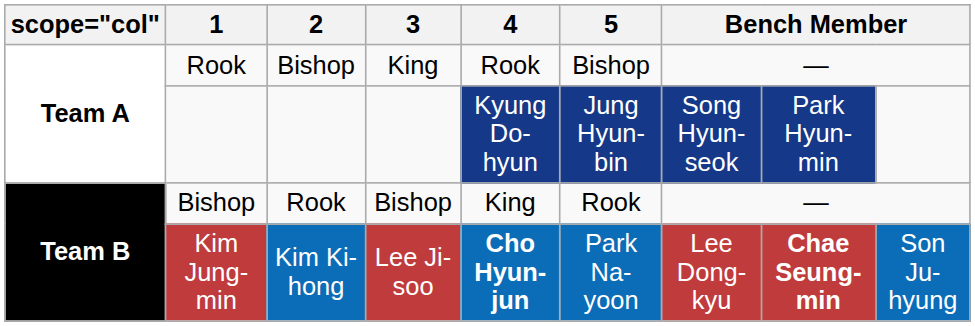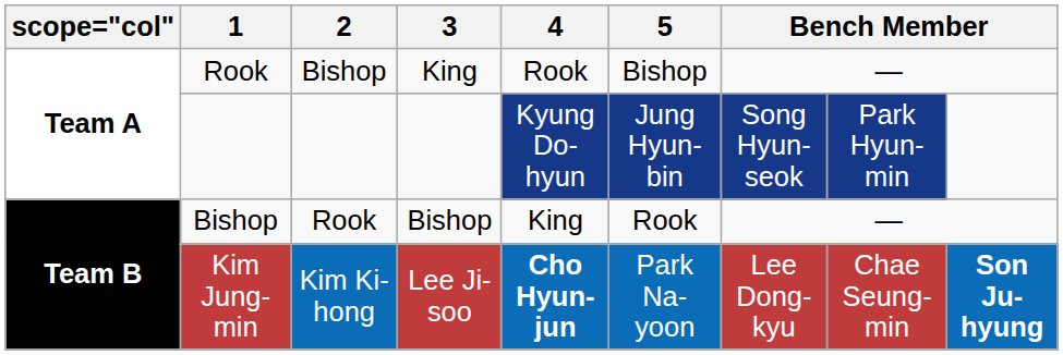 <table class="wikitable" style="text-align:center">
 <tr>
 <th>scope="col" </th>
 <th scope="col">1</th>
 <th scope="col">2</th>
 <th scope="col">3</th>
 <th scope="col">4</th>
 <th scope="col">5</th>
 <th scope="col" colspan="3">Bench Member</th>
 </tr>
 <tr>
 <th rowspan="2" style="background-color:white">Team A</th>
 <td>Rook</td>
 <td>Bishop</td>
 <td>King</td>
 <td>Rook</td>
 <td>Bishop</td>
 <td colspan="3">—</td>
 </tr>
 <tr>
 <td> </td>
 <td> </td>
 <td> </td>
 <td style="background-color:#153888; color:white">Kyung Do-hyun</td>
 <td style="background-color:#153888; color:white">Jung Hyun-bin</td>
 <td style="background-color:#153888; color:white">Song Hyun-seok</td>
 <td style="background-color:#153888; color:white">Park Hyun-min</td>
 <td> </td>
 </tr>
 <tr>
 <th rowspan="2" style="background-color:black; color:white">Team B</th>
 <td>Bishop</td>
 <td>Rook</td>
 <td>Bishop</td>
 <td>King</td>
 <td>Rook</td>
 <td colspan="3">—</td>
 </tr>
 <tr>
 <td style="background-color:#BF3B3C; color:white">Kim Jung-min</td>
 <td style="background-color:#0B6DB7; color:white">Kim Ki-hong</td>
 <td style="background-color:#BF3B3C; color:white">Lee Ji-soo</td>
 <td style="background-color:#0B6DB7; color:white"><strong>Cho Hyun-jun</strong></td>
 <td style="background-color:#0B6DB7; color:white">Park Na-yoon</td>
 <td style="background-color:#BF3B3C; color:white">Lee Dong-kyu</td>
-<td style="background-color:#BF3B3C; color:white"><strong>Chae Seung-min</strong></td>
-<td style="background-color:#0B6DB7; color:white">Son Ju-hyung</td>
+<td style="background-color:#BF3B3C; color:white">Chae Seung-min</td>
+<td style="background-color:#0B6DB7; color:white"><strong>Son Ju-hyung</strong></td>
 </tr>
 </table>
